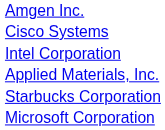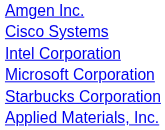 <table>
 <tr>
 <td> <a href='#'>Amgen Inc.</a></td>
 </tr>
 <tr>
 <td> <a href='#'>Cisco Systems</a></td>
 </tr>
 <tr>
 <td> <a href='#'>Intel Corporation</a></td>
 </tr>
 <tr>
-<td> <a href='#'>Applied Materials, Inc.</a></td>
+<td> <a href='#'>Microsoft Corporation</a></td>
 </tr>
 <tr>
 <td> <a href='#'>Starbucks Corporation</a></td>
 </tr>
 <tr>
-<td> <a href='#'>Microsoft Corporation</a></td>
+<td> <a href='#'>Applied Materials, Inc.</a></td>
 </tr>
 </table>
